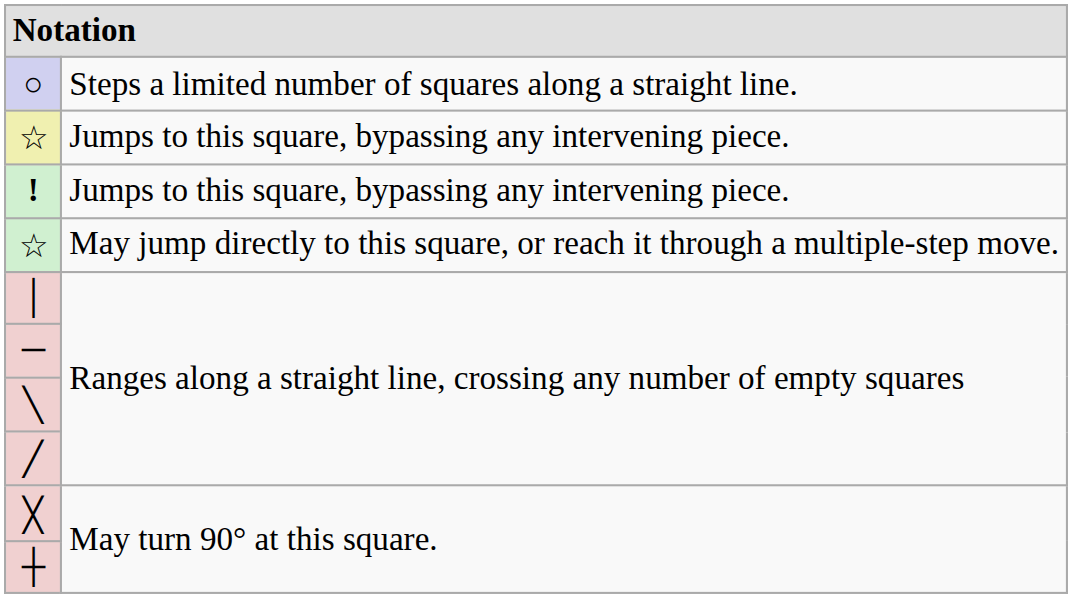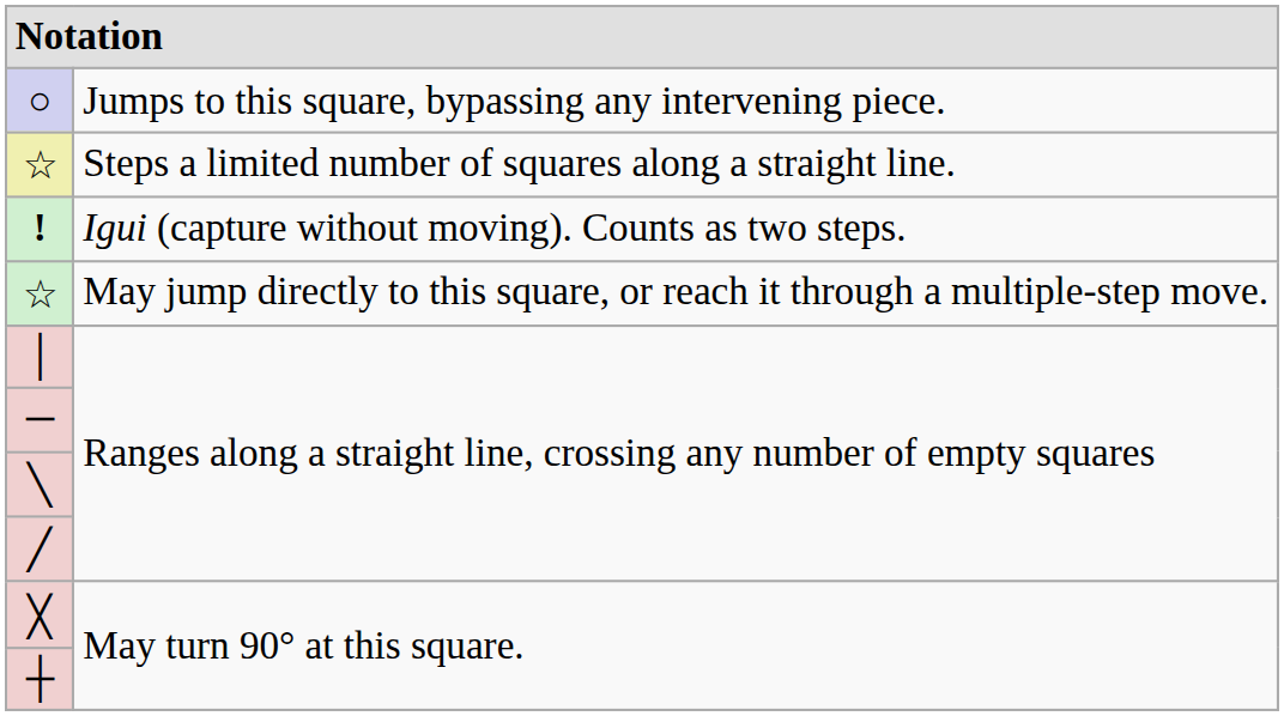 <table class="wikitable">
 <tr>
 <td colspan="2" style="background:#e0e0e0;"><strong>Notation</strong></td>
 </tr>
 <tr>
 <td align=center style="background:#d0d0f0;">○</td>
+<td>Jumps to this square, bypassing any intervening piece.</td>
+</tr>
+<tr>
+<td align=center width="20" style="background:#f0f0b0;">☆</td>
 <td>Steps a limited number of squares along a straight line.</td>
 </tr>
 <tr>
-<td align=center width="20" style="background:#f0f0b0;">☆</td>
-<td>Jumps to this square, bypassing any intervening piece.</td>
-</tr>
-<tr>
 <td align=center style="background:#d0f0d0;"><strong>!</strong></td>
-<td>Jumps to this square, bypassing any intervening piece.</td>
+<td><em>Igui</em> (capture without moving). Counts as two steps.</td>
 </tr>
 <tr>
 <td align=center style="background:#d0f0d0;">☆</td>
 <td>May jump directly to this square, or reach it through a multiple-step move.</td>
 </tr>
 <tr>
 <td align=center style="background:#f0d0d0;">│</td>
 <td rowspan=4>Ranges along a straight line, crossing any number of empty squares</td>
 </tr>
 <tr>
 <td align=center style="background:#f0d0d0;">─</td>
 </tr>
 <tr>
 <td align=center style="background:#f0d0d0;">╲</td>
 </tr>
 <tr>
 <td align=center style="background:#f0d0d0;">╱</td>
 </tr>
 <tr>
 <td align=center style="background:#f0d0d0;">╳</td>
 <td rowspan=2>May turn 90° at this square.</td>
 </tr>
 <tr>
 <td align=center style="background:#f0d0d0;">┼</td>
 </tr>
 </table>
